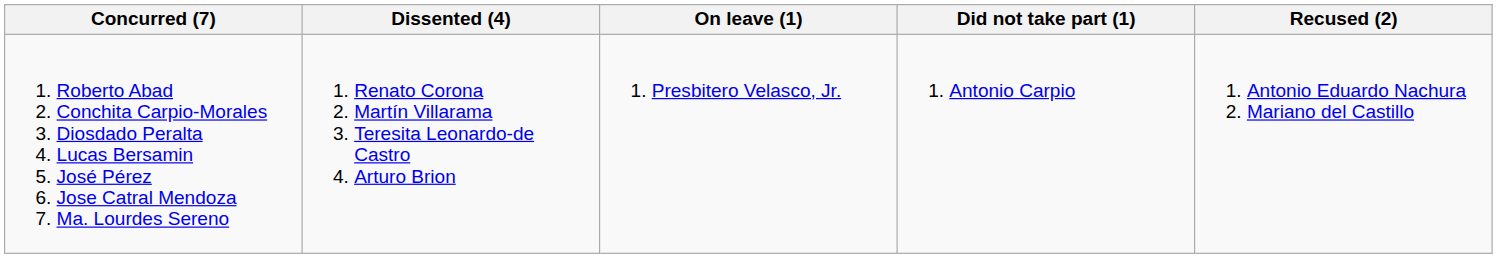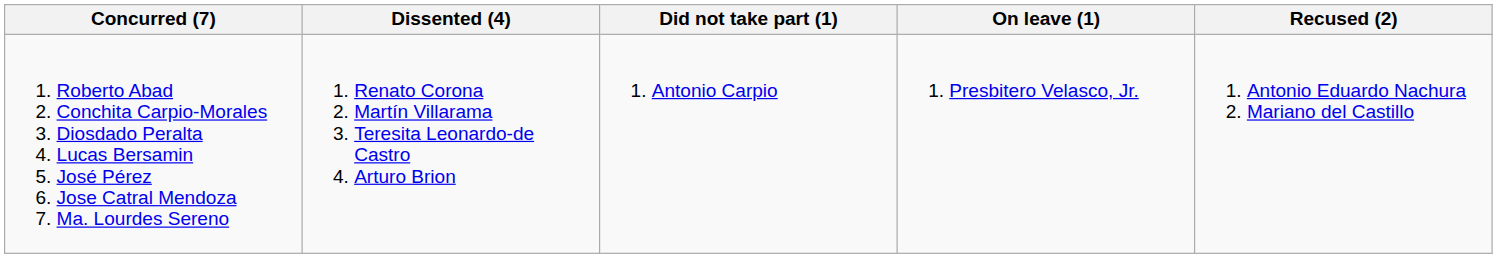 <table class=wikitable width=99%>
 <tr>
 <th width=20%>Concurred (7)</th>
 <th width=20%>Dissented (4)</th>
+<th width=20%>Did not take part (1)</th>
 <th width=20%>On leave (1)</th>
-<th width=20%>Did not take part (1)</th>
 <th width=20%>Recused (2)</th>
 </tr>
 <tr valign=top>
 <td><br><ol><li><a href='#'>Roberto Abad</a></li><li><a href='#'>Conchita Carpio-Morales</a></li><li><a href='#'>Diosdado Peralta</a></li><li><a href='#'>Lucas Bersamin</a></li><li><a href='#'>José Pérez</a></li><li><a href='#'>Jose Catral Mendoza</a></li><li><a href='#'>Ma. Lourdes Sereno</a></li></ol></td>
 <td><br><ol><li><a href='#'>Renato Corona</a></li><li><a href='#'>Martín Villarama</a></li><li><a href='#'>Teresita Leonardo-de Castro</a></li><li><a href='#'>Arturo Brion</a></li></ol></td>
+<td><br><ol><li><a href='#'>Antonio Carpio</a></li></ol></td>
 <td><br><ol><li><a href='#'>Presbitero Velasco, Jr.</a></li></ol></td>
-<td><br><ol><li><a href='#'>Antonio Carpio</a></li></ol></td>
 <td><br><ol><li><a href='#'>Antonio Eduardo Nachura</a></li><li><a href='#'>Mariano del Castillo</a></li></ol></td>
 </tr>
 </table>
